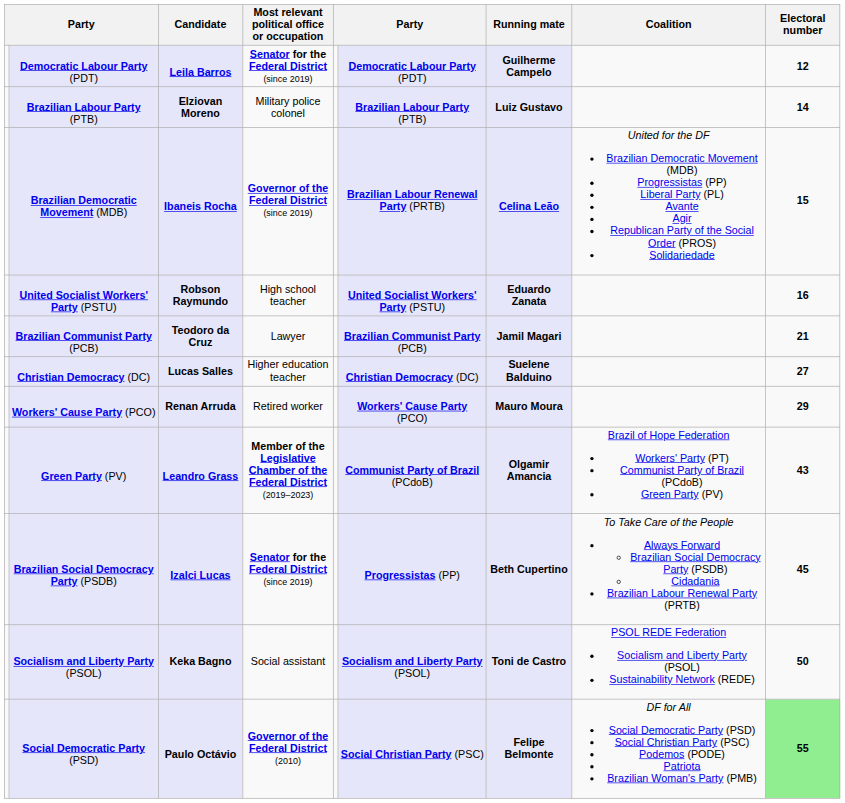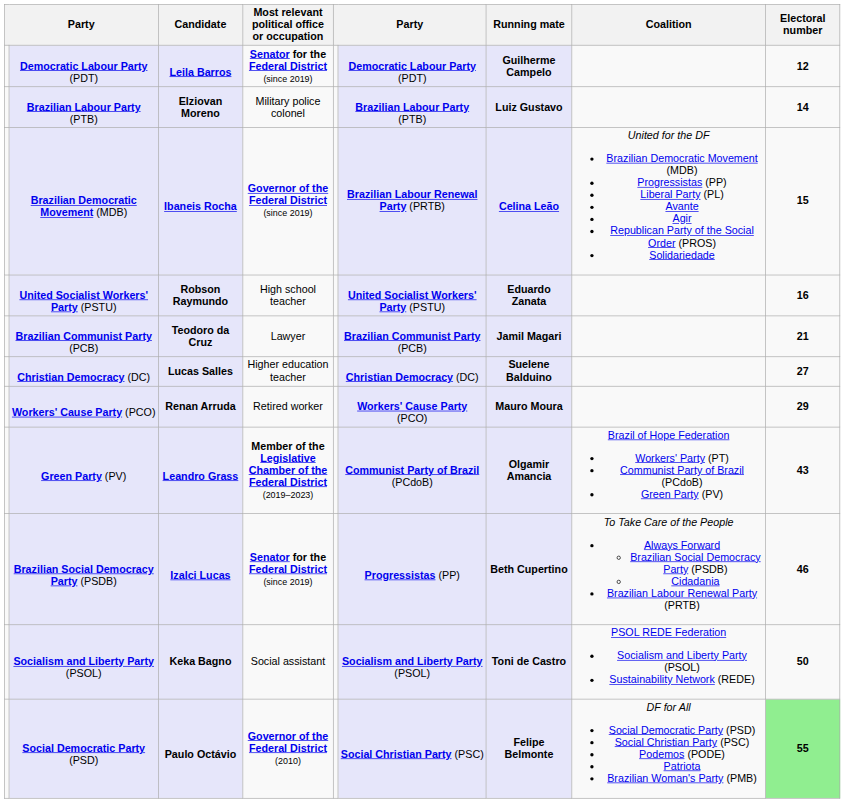 <table class="wikitable" style="text-align:center">
 <tr>
 <th colspan="2">Party</th>
 <th>Candidate</th>
 <th style="max-width:10em">Most relevant political office or occupation</th>
 <th colspan="2">Party</th>
 <th>Running mate</th>
 <th>Coalition</th>
 <th>Electoral number</th>
 </tr>
 <tr>
 <td style="background:"></td>
 <td style="background:lavender;" max-width:150px><br><strong><a href='#'>Democratic Labour Party</a></strong> (PDT)</td>
 <td style="background:lavender;" max-width:150px><br><strong><a href='#'>Leila Barros</a></strong></td>
 <td style="max-width:10em"><strong><a href='#'>Senator</a> for the <a href='#'>Federal District</a></strong><br><small>(since 2019)</small></td>
 <td style="background:"></td>
 <td style="background:lavender;" max-width:150px><br><strong><a href='#'>Democratic Labour Party</a></strong> (PDT)</td>
 <td style="background:lavender;" max-width:150px><strong>Guilherme Campelo</strong></td>
 <td></td>
 <td><strong>12</strong></td>
 </tr>
 <tr>
 <td style="background:"></td>
 <td style="background:lavender;" max-width:150px><br><strong><a href='#'>Brazilian Labour Party</a></strong> (PTB)</td>
 <td style="background:lavender;" max-width:150px><strong>Elziovan Moreno</strong></td>
 <td style="max-width:10em">Military police colonel</td>
 <td style="background:"></td>
 <td style="background:lavender;" max-width:150px><br><strong><a href='#'>Brazilian Labour Party</a></strong> (PTB)</td>
 <td style="background:lavender;" max-width:150px><strong>Luiz Gustavo</strong></td>
 <td></td>
 <td><strong>14</strong></td>
 </tr>
 <tr>
 <td style="background:"></td>
 <td style="background:lavender;" max-width:150px><br><strong><a href='#'>Brazilian Democratic Movement</a></strong> (MDB)</td>
 <td style="background:lavender;" max-width:150px><br><strong><a href='#'>Ibaneis Rocha</a></strong></td>
 <td style="max-width:10em"><strong><a href='#'>Governor of the Federal District</a></strong><br><small>(since 2019)</small></td>
 <td style="background:"></td>
 <td style="background:lavender;" max-width:150px><strong><a href='#'>Brazilian Labour Renewal Party</a></strong> (PRTB)</td>
 <td style="background:lavender;" max-width:150px><br><strong><a href='#'>Celina Leão</a></strong></td>
 <td><em>United for the DF</em><br><ul><li><a href='#'>Brazilian Democratic Movement</a> (MDB)</li><li><a href='#'>Progressistas</a> (PP)</li><li><a href='#'>Liberal Party</a> (PL)</li><li><a href='#'>Avante</a></li><li><a href='#'>Agir</a></li><li><a href='#'>Republican Party of the Social Order</a> (PROS)</li><li><a href='#'>Solidariedade</a></li></ul></td>
 <td><strong>15</strong></td>
 </tr>
 <tr>
 <td style="background:"></td>
 <td style="background:lavender;" max-width:150px><br><strong><a href='#'>United Socialist Workers' Party</a></strong> (PSTU)</td>
 <td style="background:lavender;" max-width:150px><strong>Robson Raymundo</strong></td>
 <td style="max-width:10em">High school teacher</td>
 <td style="background:"></td>
 <td style="background:lavender;" max-width:150px><br><strong><a href='#'>United Socialist Workers' Party</a></strong> (PSTU)</td>
 <td style="background:lavender;" max-width:150px><strong>Eduardo Zanata</strong></td>
 <td></td>
 <td><strong>16</strong></td>
 </tr>
 <tr>
 <td style="background:"></td>
 <td style="background:lavender;" max-width:150px><br><strong><a href='#'>Brazilian Communist Party</a></strong> (PCB)</td>
 <td style="background:lavender;" max-width:150px><strong>Teodoro da Cruz</strong></td>
 <td style="max-width:10em">Lawyer</td>
 <td style="background:"></td>
 <td style="background:lavender;" max-width:150px><br><strong><a href='#'>Brazilian Communist Party</a></strong> (PCB)</td>
 <td style="background:lavender;" max-width:150px><strong>Jamil Magari</strong></td>
 <td></td>
 <td><strong>21</strong></td>
 </tr>
 <tr>
 <td style="background:"></td>
 <td style="background:lavender;" max-width:150px><br><strong><a href='#'>Christian Democracy</a></strong> (DC)</td>
 <td style="background:lavender;" max-width:150px><strong>Lucas Salles</strong></td>
 <td style="max-width:10em">Higher education teacher</td>
 <td style="background:"></td>
 <td style="background:lavender;" max-width:150px><br><strong><a href='#'>Christian Democracy</a></strong> (DC)</td>
 <td style="background:lavender;" max-width:150px><strong>Suelene Balduino</strong></td>
 <td></td>
 <td><strong>27</strong></td>
 </tr>
 <tr>
 <td style="background:"></td>
 <td style="background:lavender;" max-width:150px><br><strong><a href='#'>Workers' Cause Party</a></strong> (PCO)</td>
 <td style="background:lavender;" max-width:150px><strong>Renan Arruda</strong></td>
 <td style="max-width:10em">Retired worker</td>
 <td style="background:"></td>
 <td style="background:lavender;" max-width:150px><br><strong><a href='#'>Workers' Cause Party</a></strong> (PCO)</td>
 <td style="background:lavender;" max-width:150px><strong>Mauro Moura</strong></td>
 <td></td>
 <td><strong>29</strong></td>
 </tr>
 <tr>
 <td style="background:"></td>
 <td style="background:lavender;" max-width:150px><br><strong><a href='#'>Green Party</a></strong> (PV)</td>
 <td style="background:lavender;" max-width:150px><br><strong><a href='#'>Leandro Grass</a></strong></td>
 <td style="max-width:10em"><strong>Member of the <a href='#'>Legislative Chamber of the Federal District</a></strong><br><small>(2019–2023)</small></td>
 <td style="background:"></td>
 <td style="background:lavender;" max-width:150px><br><strong><a href='#'>Communist Party of Brazil</a></strong> (PCdoB)</td>
 <td style="background:lavender;" max-width:150px><strong>Olgamir Amancia</strong></td>
 <td><a href='#'>Brazil of Hope Federation</a><br><ul><li><a href='#'>Workers' Party</a> (PT)</li><li><a href='#'>Communist Party of Brazil</a> (PCdoB)</li><li><a href='#'>Green Party</a> (PV)</li></ul></td>
 <td><strong>43</strong></td>
 </tr>
 <tr>
 <td style="background:"></td>
 <td style="background:lavender;" max-width:150px><br><strong><a href='#'>Brazilian Social Democracy Party</a></strong> (PSDB)</td>
 <td style="background:lavender;" max-width:150px><br><strong><a href='#'>Izalci Lucas</a></strong></td>
 <td style="max-width:10em"><strong><a href='#'>Senator</a> for the <a href='#'>Federal District</a></strong><br><small>(since 2019)</small></td>
 <td style="background:"></td>
 <td style="background:lavender;" max-width:150px><br><strong><a href='#'>Progressistas</a></strong> (PP)</td>
 <td style="background:lavender;" max-width:150px><strong>Beth Cupertino</strong></td>
 <td><em>To Take Care of the People</em><br><ul><li><a href='#'>Always Forward</a><ul><li><a href='#'>Brazilian Social Democracy Party</a> (PSDB)</li><li><a href='#'>Cidadania</a></li></ul></li><li><a href='#'>Brazilian Labour Renewal Party</a> (PRTB)</li></ul></td>
-<td><strong>45</strong></td>
+<td><strong>46</strong></td>
 </tr>
 <tr>
 <td style="background:"></td>
 <td style="background:lavender;" max-width:150px><br><strong><a href='#'>Socialism and Liberty Party</a></strong> (PSOL)</td>
 <td style="background:lavender;" max-width:150px><strong>Keka Bagno</strong></td>
 <td style="max-width:10em">Social assistant</td>
 <td style="background:"></td>
 <td style="background:lavender;" max-width:150px><br><strong><a href='#'>Socialism and Liberty Party</a></strong> (PSOL)</td>
 <td style="background:lavender;" max-width:150px><strong>Toni de Castro</strong></td>
 <td><a href='#'>PSOL REDE Federation</a><br><ul><li><a href='#'>Socialism and Liberty Party</a> (PSOL)</li><li><a href='#'>Sustainability Network</a> (REDE)</li></ul></td>
 <td><strong>50</strong></td>
 </tr>
 <tr>
 <td style="background:"></td>
 <td style="background:lavender;" max-width:150px><br><strong><a href='#'>Social Democratic Party</a></strong> (PSD)</td>
 <td style="background:lavender;" max-width:150px><br><strong>Paulo Octávio</strong></td>
 <td style="max-width:10em"><strong><a href='#'>Governor of the Federal District</a></strong><br><small>(2010)</small></td>
 <td style="background:"></td>
 <td style="background:lavender;" max-width:150px><br><strong><a href='#'>Social Christian Party</a></strong> (PSC)</td>
 <td style="background:lavender;" max-width:150px><strong>Felipe Belmonte</strong></td>
 <td><em>DF for All</em><br><ul><li><a href='#'>Social Democratic Party</a> (PSD)</li><li><a href='#'>Social Christian Party</a> (PSC)</li><li><a href='#'>Podemos</a> (PODE)</li><li><a href='#'>Patriota</a></li><li><a href='#'>Brazilian Woman's Party</a> (PMB)</li></ul></td>
 <td style="background: lightgreen;"><strong>55</strong></td>
 </tr>
 </table>
